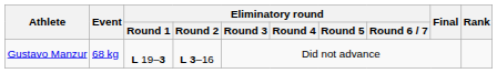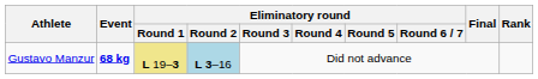 <table class="wikitable" style="font-size:90%">
 <tr>
 <th rowspan="2">Athlete</th>
 <th rowspan="2">Event</th>
 <th colspan="6">Eliminatory round</th>
 <th rowspan="2">Final</th>
 <th rowspan="2">Rank</th>
 </tr>
 <tr>
 <th>Round 1</th>
 <th>Round 2</th>
 <th>Round 3</th>
 <th>Round 4</th>
 <th>Round 5</th>
 <th>Round 6 / 7</th>
 </tr>
 <tr>
 <td><a href='#'>Gustavo Manzur</a></td>
-<td><a href='#'>68 kg</a></td>
-<td align=center><br><strong>L</strong> 19–<strong>3</strong></td>
-<td align=center><br><strong>L</strong> <strong>3</strong>–16</td>
+<td><strong><a href='#'>68 kg</a></strong></td>
+<td align=center style="background: khaki;"><br><strong>L</strong> 19–<strong>3</strong></td>
+<td align=center style="background: lightblue;"><br><strong>L</strong> <strong>3</strong>–16</td>
 <td colspan=5 align=center>Did not advance</td>
 <td align=center><strong></strong></td>
 </tr>
 </table>
